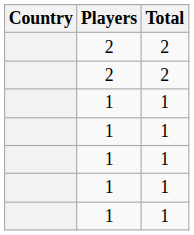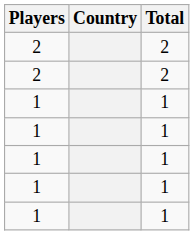 <table class="sortable wikitable plainrowheaders">
 <tr>
+<th scope="col">Players</th>
 <th scope="col">Country</th>
-<th scope="col">Players</th>
 <th scope="col">Total</th>
 </tr>
 <tr>
+<td align="center">2</td>
 <th scope="row"></th>
-<td align="center">2</td>
 <td align="center">2</td>
 </tr>
 <tr>
+<td align="center">2</td>
 <th scope="row"></th>
-<td align="center">2</td>
 <td align="center">2</td>
 </tr>
 <tr>
+<td align="center">1</td>
 <th scope="row"></th>
-<td align="center">1</td>
 <td align="center">1</td>
 </tr>
 <tr>
+<td align="center">1</td>
 <th scope="row"></th>
-<td align="center">1</td>
 <td align="center">1</td>
 </tr>
 <tr>
+<td align="center">1</td>
 <th scope="row"></th>
-<td align="center">1</td>
 <td align="center">1</td>
 </tr>
 <tr>
+<td align="center">1</td>
 <th scope="row"></th>
-<td align="center">1</td>
 <td align="center">1</td>
 </tr>
 <tr>
+<td align="center">1</td>
 <th scope="row"></th>
-<td align="center">1</td>
 <td align="center">1</td>
 </tr>
 </table>
